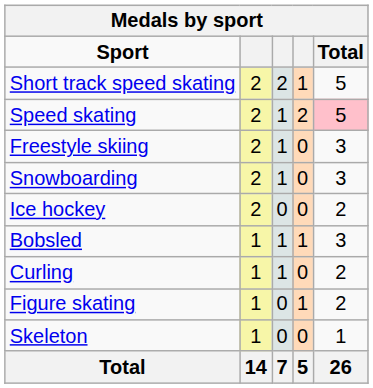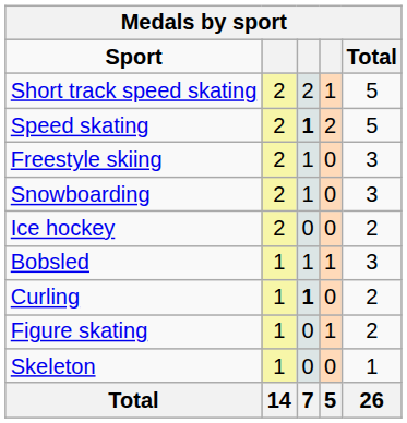 <table class="wikitable" style="font-size:85%;float:right">
 <tr style="background:#efefef;">
 <th colspan=5>Medals by sport</th>
 </tr>
 <tr align=center>
 <td><strong>Sport</strong></td>
 <th bgcolor=#f7f6a8></th>
 <th bgcolor=#dce5e5></th>
 <th bgcolor=#ffdab9></th>
 <th>Total</th>
 </tr>
 <tr align=center>
 <td align=left><a href='#'>Short track speed skating</a></td>
 <td bgcolor=#f7f6a8>2</td>
 <td bgcolor=#dce5e5>2</td>
 <td bgcolor=#ffdab9>1</td>
 <td>5</td>
 </tr>
 <tr align=center>
 <td align=left><a href='#'>Speed skating</a></td>
 <td bgcolor=#f7f6a8>2</td>
-<td bgcolor=#dce5e5>1</td>
+<td bgcolor=#dce5e5><strong>1</strong></td>
 <td bgcolor=#ffdab9>2</td>
-<td style="background: pink;">5</td>
+<td>5</td>
 </tr>
 <tr align=center>
 <td align=left><a href='#'>Freestyle skiing</a></td>
 <td bgcolor=#f7f6a8>2</td>
 <td bgcolor=#dce5e5>1</td>
 <td bgcolor=#ffdab9>0</td>
 <td>3</td>
 </tr>
 <tr align=center>
 <td align=left><a href='#'>Snowboarding</a></td>
 <td bgcolor=#f7f6a8>2</td>
 <td bgcolor=#dce5e5>1</td>
 <td bgcolor=#ffdab9>0</td>
 <td>3</td>
 </tr>
 <tr align=center>
 <td align=left><a href='#'>Ice hockey</a></td>
 <td bgcolor=#f7f6a8>2</td>
 <td bgcolor=#dce5e5>0</td>
 <td bgcolor=#ffdab9>0</td>
 <td>2</td>
 </tr>
 <tr align=center>
 <td align=left><a href='#'>Bobsled</a></td>
 <td bgcolor=#f7f6a8>1</td>
 <td bgcolor=#dce5e5>1</td>
 <td bgcolor=#ffdab9>1</td>
 <td>3</td>
 </tr>
 <tr align=center>
 <td align=left><a href='#'>Curling</a></td>
 <td bgcolor=#f7f6a8>1</td>
-<td bgcolor=#dce5e5>1</td>
+<td bgcolor=#dce5e5><strong>1</strong></td>
 <td bgcolor=#ffdab9>0</td>
 <td>2</td>
 </tr>
 <tr align=center>
 <td align=left><a href='#'>Figure skating</a></td>
 <td bgcolor=#f7f6a8>1</td>
 <td bgcolor=#dce5e5>0</td>
 <td bgcolor=#ffdab9>1</td>
 <td>2</td>
 </tr>
 <tr align=center>
 <td align=left><a href='#'>Skeleton</a></td>
 <td bgcolor=#f7f6a8>1</td>
 <td bgcolor=#dce5e5>0</td>
 <td bgcolor=#ffdab9>0</td>
 <td>1</td>
 </tr>
 <tr align=center>
 <th bgcolor=#efefef>Total</th>
 <th bgcolor=#f7f6a8>14</th>
 <th bgcolor=#dce5e5>7</th>
 <th bgcolor=#ffdab9>5</th>
 <th>26</th>
 </tr>
 </table>
